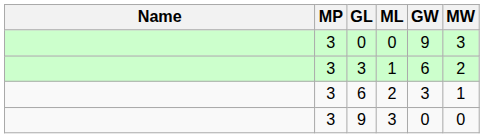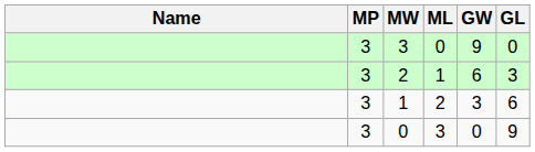 <table class=wikitable style="text-align:center">
 <tr>
 <th width=300>Name</th>
 <th width=20>MP</th>
-<th width=20>GL</th>
+<th width=20>MW</th>
 <th width=20>ML</th>
 <th width=20>GW</th>
-<th width=20>MW</th>
-</tr>
-<tr style="background-color:#ccffcc;">
-<td style="text-align:left;"><strong></strong></td>
-<td>3</td>
-<td>0</td>
-<td>0</td>
-<td>9</td>
-<td>3</td>
+<th width=20>GL</th>
 </tr>
 <tr style="background-color:#ccffcc;">
 <td style="text-align:left;"><strong></strong></td>
 <td>3</td>
 <td>3</td>
+<td>0</td>
+<td>9</td>
+<td>0</td>
+</tr>
+<tr style="background-color:#ccffcc;">
+<td style="text-align:left;"><strong></strong></td>
+<td>3</td>
+<td>2</td>
 <td>1</td>
 <td>6</td>
-<td>2</td>
+<td>3</td>
 </tr>
 <tr>
 <td style="text-align:left;"></td>
 <td>3</td>
-<td>6</td>
+<td>1</td>
 <td>2</td>
 <td>3</td>
-<td>1</td>
+<td>6</td>
 </tr>
 <tr>
 <td style="text-align:left;"></td>
 <td>3</td>
-<td>9</td>
+<td>0</td>
 <td>3</td>
 <td>0</td>
-<td>0</td>
+<td>9</td>
 </tr>
 </table>
